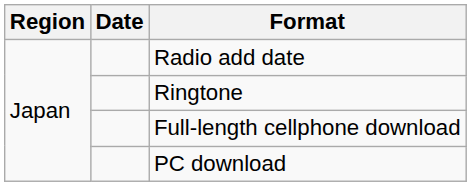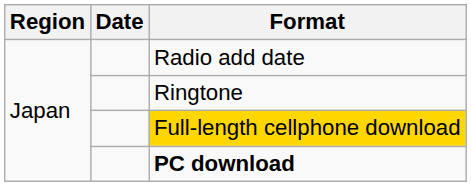 <table class="wikitable">
 <tr>
 <th>Region</th>
 <th>Date</th>
 <th>Format</th>
 </tr>
 <tr>
 <td rowspan="4">Japan</td>
 <td></td>
 <td>Radio add date</td>
 </tr>
 <tr>
 <td></td>
 <td>Ringtone</td>
 </tr>
 <tr>
 <td></td>
-<td>Full-length cellphone download</td>
+<td style="background: gold;">Full-length cellphone download</td>
 </tr>
 <tr>
 <td></td>
-<td>PC download</td>
+<td><strong>PC download</strong></td>
 </tr>
 </table>
